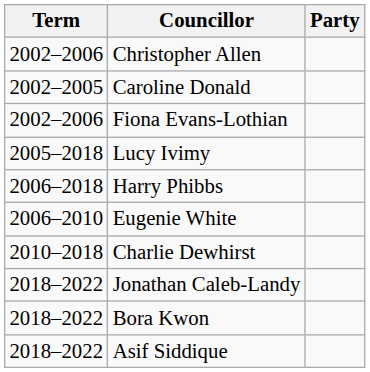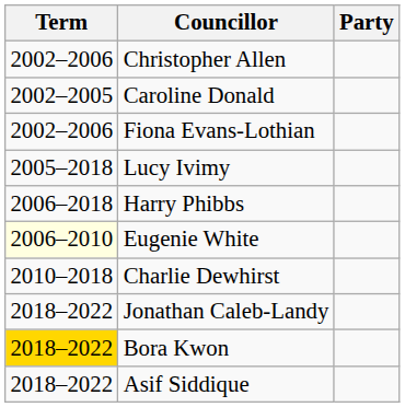 <table class="wikitable">
 <tr>
 <th>Term</th>
 <th>Councillor</th>
 <th colspan=2>Party</th>
 </tr>
 <tr>
 <td>2002–2006</td>
 <td>Christopher Allen</td>
 <td></td>
 </tr>
 <tr>
 <td>2002–2005</td>
 <td>Caroline Donald</td>
 <td></td>
 </tr>
 <tr>
 <td>2002–2006</td>
 <td>Fiona Evans-Lothian</td>
 <td></td>
 </tr>
 <tr>
 <td>2005–2018</td>
 <td>Lucy Ivimy</td>
 <td></td>
 </tr>
 <tr>
 <td>2006–2018</td>
 <td>Harry Phibbs</td>
 <td></td>
 </tr>
 <tr>
-<td>2006–2010</td>
+<td style="background: lightyellow;">2006–2010</td>
 <td>Eugenie White</td>
 <td></td>
 </tr>
 <tr>
 <td>2010–2018</td>
 <td>Charlie Dewhirst</td>
 <td></td>
 </tr>
 <tr>
 <td>2018–2022</td>
 <td>Jonathan Caleb-Landy</td>
 <td></td>
 </tr>
 <tr>
-<td>2018–2022</td>
+<td style="background: gold;">2018–2022</td>
 <td>Bora Kwon</td>
 <td></td>
 </tr>
 <tr>
 <td>2018–2022</td>
 <td>Asif Siddique</td>
 <td></td>
 </tr>
 </table>
